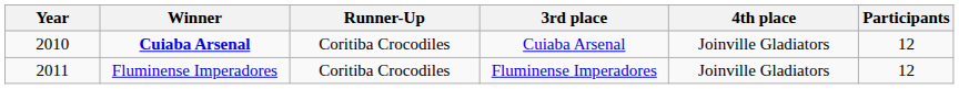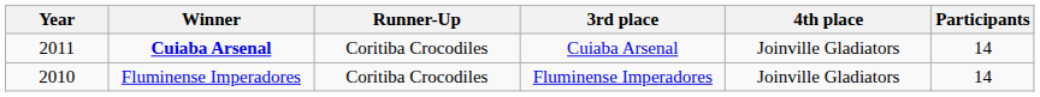 <table class="wikitable">
 <tr align=center style="background:#efefef;">
 <th width=10%>Year</th>
 <th width=20%>Winner</th>
 <th width=20%>Runner-Up</th>
 <th width=20%>3rd place</th>
 <th width=20%>4th place</th>
 <th width=10%>Participants</th>
 </tr>
 <tr align=center>
-<td>2010</td>
+<td>2011</td>
 <td><strong><a href='#'>Cuiaba Arsenal</a></strong></td>
 <td>Coritiba Crocodiles</td>
 <td><a href='#'>Cuiaba Arsenal</a></td>
 <td>Joinville Gladiators</td>
-<td>12</td>
+<td>14</td>
 </tr>
 <tr align=center>
-<td>2011</td>
+<td>2010</td>
 <td><a href='#'>Fluminense Imperadores</a></td>
 <td>Coritiba Crocodiles</td>
 <td><a href='#'>Fluminense Imperadores</a></td>
 <td>Joinville Gladiators</td>
-<td>12</td>
+<td>14</td>
 </tr>
 </table>
